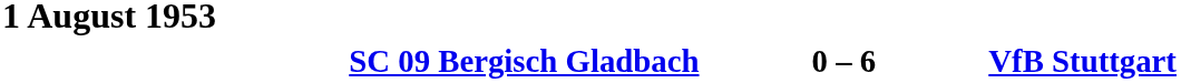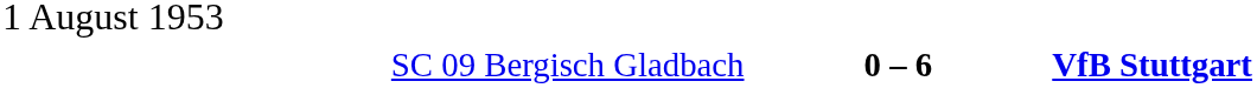 <table width=100% cellspacing=1>
 <tr>
 <th width=25%></th>
 <th width=10%></th>
 <th width=25%></th>
 <th></th>
 </tr>
 <tr>
-<td><strong>1 August 1953</strong></td>
+<td>1 August 1953</td>
 </tr>
 <tr style=font-size:90%>
-<td align=right><strong><a href='#'>SC 09 Bergisch Gladbach</a></strong></td>
+<td align=right><a href='#'>SC 09 Bergisch Gladbach</a></td>
 <td align=center><strong>0 – 6</strong></td>
 <td><strong><a href='#'>VfB Stuttgart</a></strong></td>
 </tr>
 </table>
